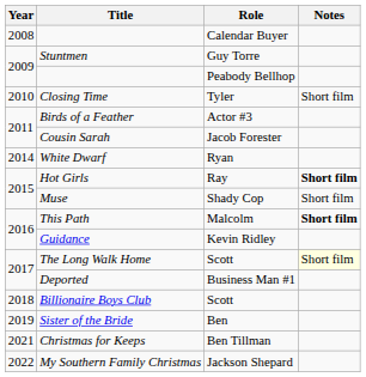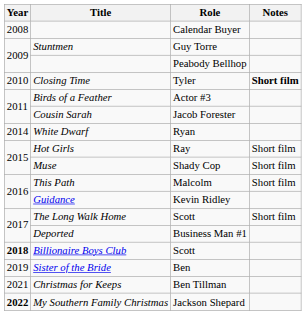 <table class="wikitable sortable">
 <tr>
 <th>Year</th>
 <th>Title</th>
 <th>Role</th>
 <th class="unsortable">Notes</th>
 </tr>
 <tr>
 <td>2008</td>
 <td><em></em></td>
 <td>Calendar Buyer</td>
 <td></td>
 </tr>
 <tr>
 <td rowspan="2">2009</td>
 <td><em>Stuntmen</em></td>
 <td>Guy Torre</td>
 <td></td>
 </tr>
 <tr>
 <td><em></em></td>
 <td>Peabody Bellhop</td>
 <td></td>
 </tr>
 <tr>
 <td>2010</td>
 <td><em>Closing Time</em></td>
 <td>Tyler</td>
-<td>Short film</td>
+<td><strong>Short film</strong></td>
 </tr>
 <tr>
 <td rowspan="2">2011</td>
 <td><em>Birds of a Feather</em></td>
 <td>Actor #3</td>
 <td></td>
 </tr>
 <tr>
 <td><em>Cousin Sarah</em></td>
 <td>Jacob Forester</td>
 <td></td>
 </tr>
 <tr>
 <td>2014</td>
 <td><em>White Dwarf</em></td>
 <td>Ryan</td>
 <td></td>
 </tr>
 <tr>
 <td rowspan="2">2015</td>
 <td><em>Hot Girls</em></td>
 <td>Ray</td>
-<td><strong>Short film</strong></td>
+<td>Short film</td>
 </tr>
 <tr>
 <td><em>Muse</em></td>
 <td>Shady Cop</td>
 <td>Short film</td>
 </tr>
 <tr>
 <td rowspan="2">2016</td>
 <td><em>This Path</em></td>
 <td>Malcolm</td>
-<td><strong>Short film</strong></td>
+<td>Short film</td>
 </tr>
 <tr>
 <td><em><a href='#'>Guidance</a></em></td>
 <td>Kevin Ridley</td>
 <td></td>
 </tr>
 <tr>
 <td rowspan="2">2017</td>
 <td><em>The Long Walk Home</em></td>
 <td>Scott</td>
-<td style="background: lightyellow;">Short film</td>
+<td>Short film</td>
 </tr>
 <tr>
 <td><em>Deported</em></td>
 <td>Business Man #1</td>
 <td></td>
 </tr>
 <tr>
-<td>2018</td>
+<td><strong>2018</strong></td>
 <td><em><a href='#'>Billionaire Boys Club</a></em></td>
 <td>Scott</td>
 <td></td>
 </tr>
 <tr>
 <td>2019</td>
 <td><em><a href='#'>Sister of the Bride</a></em></td>
 <td>Ben</td>
 <td></td>
 </tr>
 <tr>
 <td>2021</td>
 <td><em>Christmas for Keeps</em></td>
 <td>Ben Tillman</td>
 <td></td>
 </tr>
 <tr>
-<td>2022</td>
+<td><strong>2022</strong></td>
 <td><em>My Southern Family Christmas</em></td>
 <td>Jackson Shepard</td>
 <td></td>
 </tr>
 </table>
